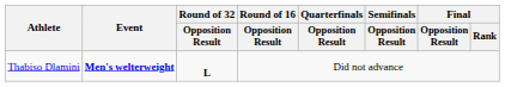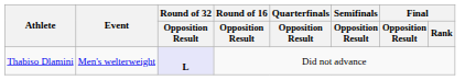 <table class="wikitable" style="font-size:90%">
 <tr>
 <th rowspan="2">Athlete</th>
 <th rowspan="2">Event</th>
 <th>Round of 32</th>
 <th>Round of 16</th>
 <th>Quarterfinals</th>
 <th>Semifinals</th>
 <th colspan=2>Final</th>
 </tr>
 <tr style="font-size:95%">
 <th>Opposition<br>Result</th>
 <th>Opposition<br>Result</th>
 <th>Opposition<br>Result</th>
 <th>Opposition<br>Result</th>
 <th>Opposition<br>Result</th>
 <th>Rank</th>
 </tr>
 <tr align=center>
 <td align=left><a href='#'>Thabiso Dlamini</a></td>
-<td align=left><strong><a href='#'>Men's welterweight</a></strong></td>
-<td><br><strong>L</strong> </td>
+<td align=left><a href='#'>Men's welterweight</a></td>
+<td style="background: lavender;"><br><strong>L</strong> </td>
 <td colspan=5>Did not advance</td>
 </tr>
 </table>
